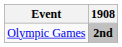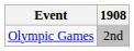 <table class="wikitable">
 <tr>
 <th>Event</th>
 <th>1908</th>
 </tr>
 <tr>
 <td><a href='#'>Olympic Games</a></td>
-<td align="center" bgcolor="silver"><strong>2nd</strong></td>
+<td align="center" bgcolor="silver">2nd</td>
 </tr>
 </table>
